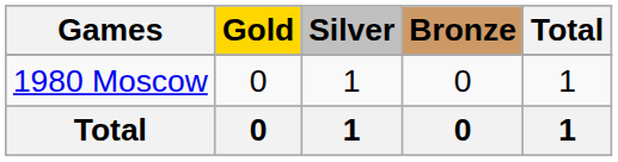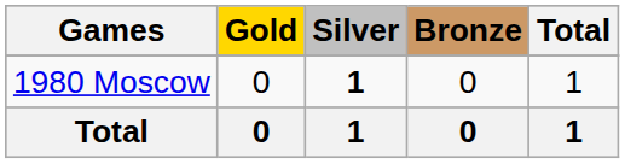 <table class="wikitable sortable" style="text-align:center">
 <tr>
 <th>Games</th>
 <th style="background-color:gold;">Gold</th>
 <th style="background-color:silver;">Silver</th>
 <th style="background-color:#c96;">Bronze</th>
 <th>Total</th>
 </tr>
 <tr>
 </tr>
 <tr>
 <td align=left> <a href='#'>1980 Moscow</a></td>
 <td>0</td>
-<td>1</td>
+<td><strong>1</strong></td>
 <td>0</td>
 <td>1</td>
 </tr>
 <tr>
 <th>Total</th>
 <th>0</th>
 <th>1</th>
 <th>0</th>
 <th>1</th>
 </tr>
 </table>
